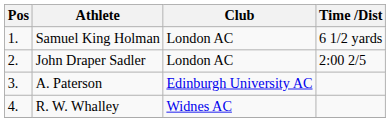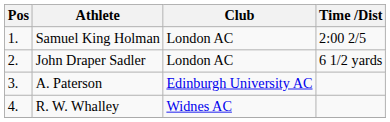 <table class="wikitable">
 <tr>
 <th>Pos</th>
 <th>Athlete</th>
 <th>Club</th>
 <th>Time /Dist</th>
 </tr>
 <tr>
 <td>1.</td>
 <td>Samuel King Holman</td>
 <td>London AC</td>
-<td>6 1/2 yards</td>
+<td>2:00 2/5</td>
 </tr>
 <tr>
 <td>2.</td>
 <td>John Draper Sadler</td>
 <td>London AC</td>
-<td>2:00 2/5</td>
+<td>6 1/2 yards</td>
 </tr>
 <tr>
 <td>3.</td>
 <td>A. Paterson</td>
 <td><a href='#'>Edinburgh University AC</a></td>
 <td></td>
 </tr>
 <tr>
 <td>4.</td>
 <td>R. W. Whalley</td>
 <td><a href='#'>Widnes AC</a></td>
 <td></td>
 </tr>
 <tr>
 </tr>
 </table>
